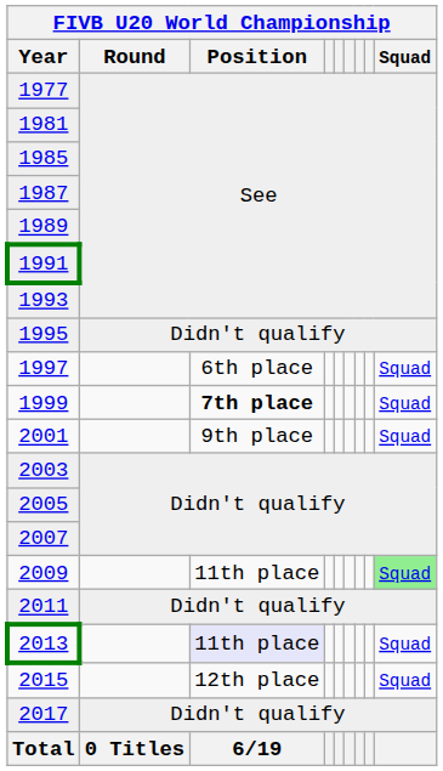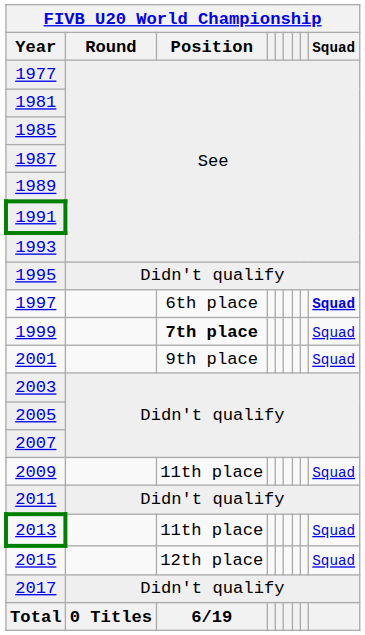 <table class="wikitable" style="text-align: center;">
 <tr>
 <th colspan=9><a href='#'>FIVB U20 World Championship</a></th>
 </tr>
 <tr>
 <th>Year</th>
 <th>Round</th>
 <th>Position</th>
 <th></th>
 <th></th>
 <th></th>
 <th></th>
 <th></th>
 <th><small>Squad</small></th>
 </tr>
 <tr bgcolor="efefef">
 <td> <a href='#'>1977</a></td>
 <td colspan=9 rowspan=7>See </td>
 </tr>
 <tr bgcolor="efefef">
 <td> <a href='#'>1981</a></td>
 </tr>
 <tr bgcolor="efefef">
 <td> <a href='#'>1985</a></td>
 </tr>
 <tr bgcolor="efefef">
 <td> <a href='#'>1987</a></td>
 </tr>
 <tr bgcolor="efefef">
 <td> <a href='#'>1989</a></td>
 </tr>
 <tr bgcolor="efefef">
 <td style="border:3px solid green"> <a href='#'>1991</a></td>
 </tr>
 <tr bgcolor="efefef">
 <td> <a href='#'>1993</a></td>
 </tr>
 <tr bgcolor="efefef">
 <td> <a href='#'>1995</a></td>
 <td colspan=9>Didn't qualify</td>
 </tr>
 <tr>
 <td> <a href='#'>1997</a></td>
 <td></td>
 <td>6th place</td>
 <td></td>
 <td></td>
 <td></td>
 <td></td>
 <td></td>
-<td><small><a href='#'>Squad</a></small></td>
+<td><strong><small><a href='#'>Squad</a></small></strong></td>
 </tr>
 <tr>
 <td> <a href='#'>1999</a></td>
 <td></td>
 <td><strong>7th place</strong></td>
 <td></td>
 <td></td>
 <td></td>
 <td></td>
 <td></td>
 <td><small><a href='#'>Squad</a></small></td>
 </tr>
 <tr>
 <td> <a href='#'>2001</a></td>
 <td></td>
 <td>9th place</td>
 <td></td>
 <td></td>
 <td></td>
 <td></td>
 <td></td>
 <td><small><a href='#'>Squad</a></small></td>
 </tr>
 <tr bgcolor="efefef">
 <td> <a href='#'>2003</a></td>
 <td colspan=9 rowspan=3>Didn't qualify</td>
 </tr>
 <tr bgcolor="efefef">
 <td> <a href='#'>2005</a></td>
 </tr>
 <tr bgcolor="efefef">
 <td> <a href='#'>2007</a></td>
 </tr>
 <tr>
 <td> <a href='#'>2009</a></td>
 <td></td>
 <td>11th place</td>
 <td></td>
 <td></td>
 <td></td>
 <td></td>
 <td></td>
-<td style="background: lightgreen;"><small><a href='#'>Squad</a></small></td>
+<td><small><a href='#'>Squad</a></small></td>
 </tr>
 <tr bgcolor="efefef">
 <td> <a href='#'>2011</a></td>
 <td colspan=9>Didn't qualify</td>
 </tr>
 <tr>
 <td style="border:3px solid green"> <a href='#'>2013</a></td>
 <td></td>
-<td style="background: lavender;">11th place</td>
+<td>11th place</td>
 <td></td>
 <td></td>
 <td></td>
 <td></td>
 <td></td>
 <td><small><a href='#'>Squad</a></small></td>
 </tr>
 <tr>
 <td> <a href='#'>2015</a></td>
 <td></td>
 <td>12th place</td>
 <td></td>
 <td></td>
 <td></td>
 <td></td>
 <td></td>
 <td><small><a href='#'>Squad</a></small></td>
 </tr>
 <tr bgcolor="efefef">
 <td> <a href='#'>2017</a></td>
 <td colspan=9>Didn't qualify</td>
 </tr>
 <tr>
 <th>Total</th>
 <th>0 Titles</th>
 <th>6/19</th>
 <th></th>
 <th></th>
 <th></th>
 <th></th>
 <th></th>
 <th></th>
 </tr>
 </table>
